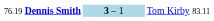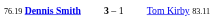 <table style="text-align:center">
 <tr>
 <th width=223></th>
 <th width=100></th>
 <th width=223></th>
 </tr>
 <tr>
 <td align=right><small>76.19</small> <strong><a href='#'>Dennis Smith</a></strong> </td>
-<td style="background: lightblue;"><strong>3</strong> – 1</td>
+<td><strong>3</strong> – 1</td>
 <td align=left> <a href='#'>Tom Kirby</a> <small>83.11</small></td>
 </tr>
 </table>
